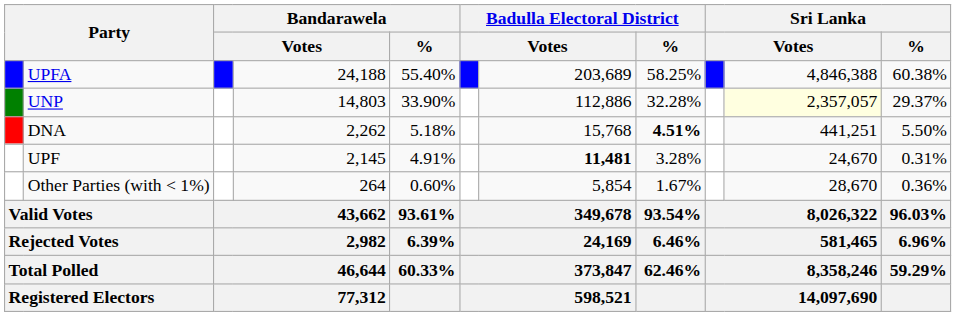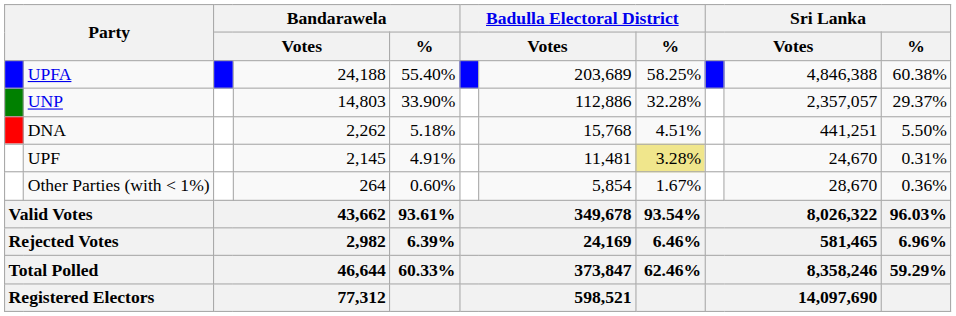 <table class="wikitable">
 <tr>
 <th colspan="2" width="144px"rowspan="2">Party</th>
 <th colspan="3" width="216px">Bandarawela</th>
 <th colspan="3" width="216px"><a href='#'>Badulla Electoral District</a></th>
 <th colspan="3" width="216px">Sri Lanka</th>
 </tr>
 <tr>
 <th colspan="2" width="144px">Votes</th>
 <th>%</th>
 <th colspan="2" width="144px">Votes</th>
 <th>%</th>
 <th colspan="2" width="144px">Votes</th>
 <th>%</th>
 </tr>
 <tr>
 <td style="background-color:blue;" width="10px"></td>
 <td style="text-align:left;"><a href='#'>UPFA</a></td>
 <td style="background-color:blue;" width="10px"></td>
 <td style="text-align:right;">24,188</td>
 <td style="text-align:right;">55.40%</td>
 <td style="background-color:blue;" width="10px"></td>
 <td style="text-align:right;">203,689</td>
 <td style="text-align:right;">58.25%</td>
 <td style="background-color:blue;" width="10px"></td>
 <td style="text-align:right;">4,846,388</td>
 <td style="text-align:right;">60.38%</td>
 </tr>
 <tr>
 <td style="background-color:green;" width="10px"></td>
 <td style="text-align:left;"><a href='#'>UNP</a></td>
 <td style="background-color:white;" width="10px"></td>
 <td style="text-align:right;">14,803</td>
 <td style="text-align:right;">33.90%</td>
 <td style="background-color:white;" width="10px"></td>
 <td style="text-align:right;">112,886</td>
 <td style="text-align:right;">32.28%</td>
 <td style="background-color:white;" width="10px"></td>
-<td style="background: lightyellow; text-align:right;">2,357,057</td>
+<td style="text-align:right;">2,357,057</td>
 <td style="text-align:right;">29.37%</td>
 </tr>
 <tr>
 <td style="background-color:red;" width="10px"></td>
 <td style="text-align:left;">DNA</td>
 <td style="background-color:white;" width="10px"></td>
 <td style="text-align:right;">2,262</td>
 <td style="text-align:right;">5.18%</td>
 <td style="background-color:white;" width="10px"></td>
 <td style="text-align:right;">15,768</td>
-<td style="text-align:right;"><strong>4.51%</strong></td>
+<td style="text-align:right;">4.51%</td>
 <td style="background-color:white;" width="10px"></td>
 <td style="text-align:right;">441,251</td>
 <td style="text-align:right;">5.50%</td>
 </tr>
 <tr>
 <td style="background-color:white;" width="10px"></td>
 <td style="text-align:left;">UPF</td>
 <td style="background-color:white;" width="10px"></td>
 <td style="text-align:right;">2,145</td>
 <td style="text-align:right;">4.91%</td>
 <td style="background-color:white;" width="10px"></td>
-<td style="text-align:right;"><strong>11,481</strong></td>
-<td style="text-align:right;">3.28%</td>
+<td style="text-align:right;">11,481</td>
+<td style="background: khaki; text-align:right;">3.28%</td>
 <td style="background-color:white;" width="10px"></td>
 <td style="text-align:right;">24,670</td>
 <td style="text-align:right;">0.31%</td>
 </tr>
 <tr>
 <td style="background-color:white;" width="10px"></td>
 <td style="text-align:left;">Other Parties (with < 1%)</td>
 <td style="background-color:white;" width="10px"></td>
 <td style="text-align:right;">264</td>
 <td style="text-align:right;">0.60%</td>
 <td style="background-color:white;" width="10px"></td>
 <td style="text-align:right;">5,854</td>
 <td style="text-align:right;">1.67%</td>
 <td style="background-color:white;" width="10px"></td>
 <td style="text-align:right;">28,670</td>
 <td style="text-align:right;">0.36%</td>
 </tr>
 <tr>
 <th colspan="2" width="144px"style="text-align:left;">Valid Votes</th>
 <th style="text-align:right;"colspan="2" width="144px">43,662</th>
 <th style="text-align:right;">93.61%</th>
 <th style="text-align:right;"colspan="2" width="144px">349,678</th>
 <th style="text-align:right;">93.54%</th>
 <th style="text-align:right;"colspan="2" width="144px">8,026,322</th>
 <th style="text-align:right;">96.03%</th>
 </tr>
 <tr>
 <th colspan="2" width="144px"style="text-align:left;">Rejected Votes</th>
 <th style="text-align:right;"colspan="2" width="144px">2,982</th>
 <th style="text-align:right;">6.39%</th>
 <th style="text-align:right;"colspan="2" width="144px">24,169</th>
 <th style="text-align:right;">6.46%</th>
 <th style="text-align:right;"colspan="2" width="144px">581,465</th>
 <th style="text-align:right;">6.96%</th>
 </tr>
 <tr>
 <th colspan="2" width="144px"style="text-align:left;">Total Polled</th>
 <th style="text-align:right;"colspan="2" width="144px">46,644</th>
 <th style="text-align:right;">60.33%</th>
 <th style="text-align:right;"colspan="2" width="144px">373,847</th>
 <th style="text-align:right;">62.46%</th>
 <th style="text-align:right;"colspan="2" width="144px">8,358,246</th>
 <th style="text-align:right;">59.29%</th>
 </tr>
 <tr>
 <th colspan="2" width="144px"style="text-align:left;">Registered Electors</th>
 <th style="text-align:right;"colspan="2" width="144px">77,312</th>
 <th></th>
 <th style="text-align:right;"colspan="2" width="144px">598,521</th>
 <th></th>
 <th style="text-align:right;"colspan="2" width="144px">14,097,690</th>
 <th></th>
 </tr>
 </table>
